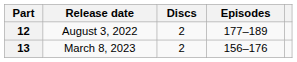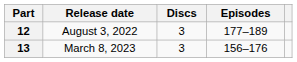 <table class="wikitable" style="text-align: center; width: 26%;">
 <tr>
 <th scope="col">Part</th>
 <th scope="col">Release date</th>
 <th scope="col">Discs</th>
 <th scope="col">Episodes</th>
 <th scope="col"></th>
 </tr>
 <tr>
 <th scope="row">12</th>
 <td>August 3, 2022</td>
-<td>2</td>
+<td>3</td>
 <td>177–189</td>
 <td></td>
 </tr>
 <tr>
 <th scope="row">13</th>
 <td>March 8, 2023</td>
-<td>2</td>
+<td>3</td>
 <td>156–176</td>
 <td></td>
 </tr>
 </table>
